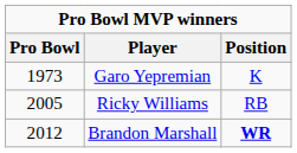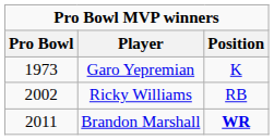 <table class="wikitable" style="text-align:center">
 <tr>
 <td colspan="3"><strong>Pro Bowl MVP winners</strong></td>
 </tr>
 <tr>
 <th>Pro Bowl</th>
 <th>Player</th>
 <th>Position</th>
 </tr>
 <tr>
 <td>1973</td>
 <td><a href='#'>Garo Yepremian</a></td>
 <td><a href='#'>K</a></td>
 </tr>
 <tr>
-<td>2005</td>
+<td>2002</td>
 <td><a href='#'>Ricky Williams</a></td>
 <td><a href='#'>RB</a></td>
 </tr>
 <tr>
-<td>2012</td>
+<td>2011</td>
 <td><a href='#'>Brandon Marshall</a></td>
 <td><strong><a href='#'>WR</a></strong></td>
 </tr>
 </table>
